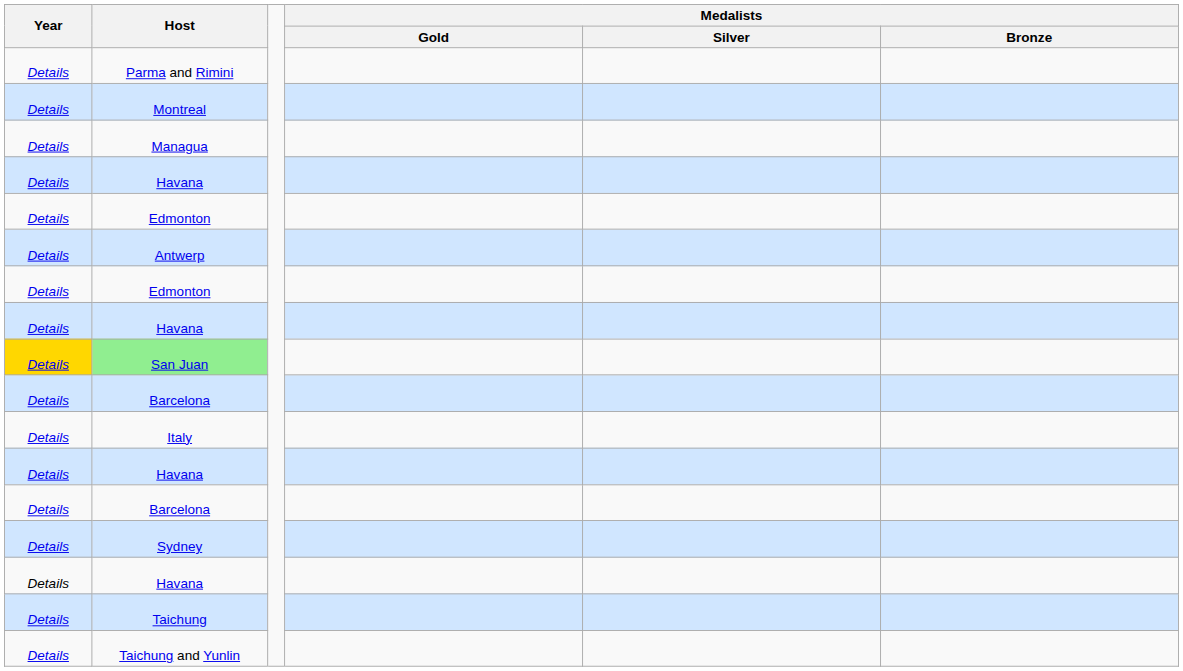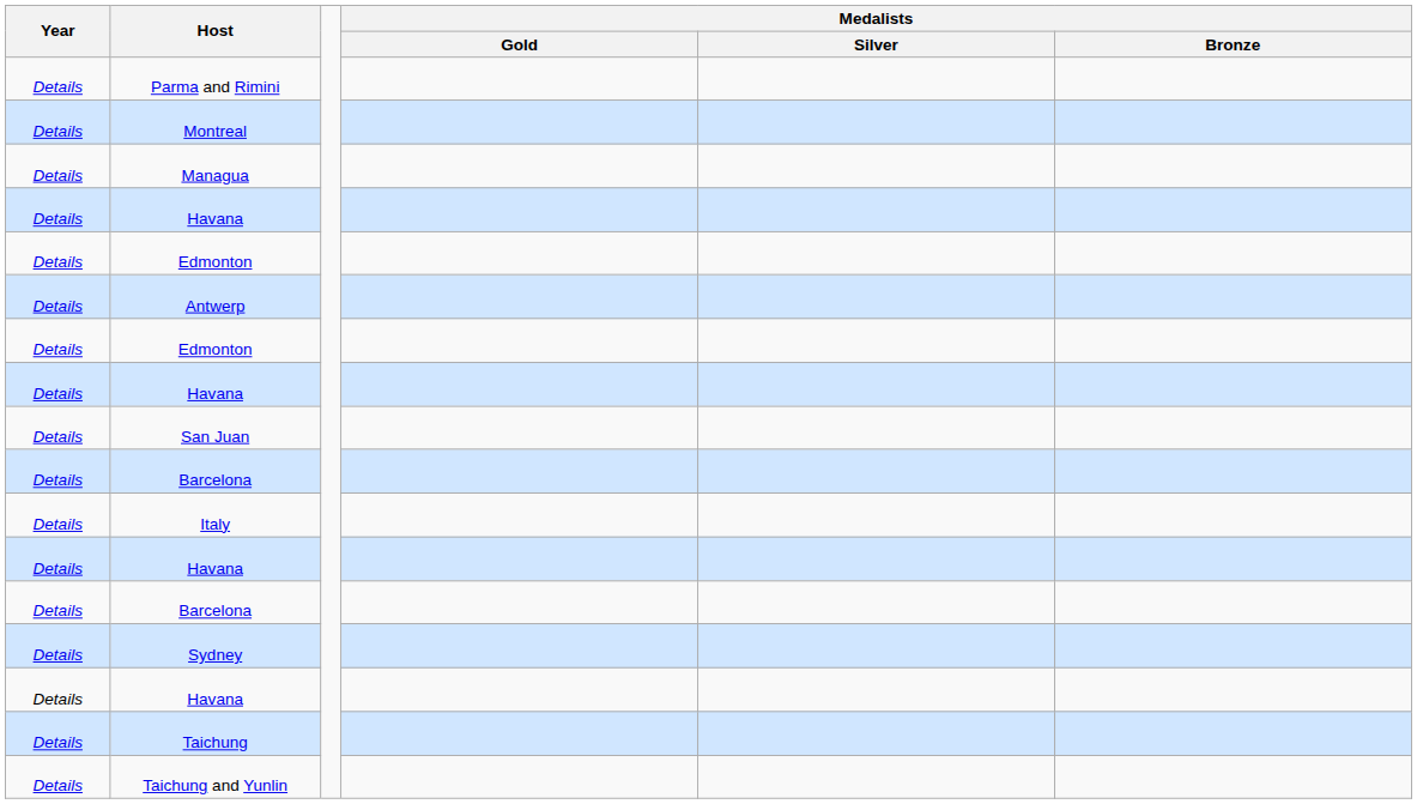 <table class="wikitable" style="font-size:90%; text-align: center;">
 <tr>
 <th rowspan=2 width=5%>Year</th>
 <th rowspan=2 width=10%>Host</th>
 <td width=1% rowspan=20 style="border-top:none;border-bottom:none;"></td>
 <th colspan=3>Medalists</th>
 </tr>
 <tr>
 <th width=17%>Gold</th>
 <th width=17%>Silver</th>
 <th width=17%>Bronze</th>
 </tr>
 <tr>
 <td><br><em><a href='#'>Details</a></em></td>
 <td><br><a href='#'>Parma</a> and <a href='#'>Rimini</a></td>
 <td><strong></strong></td>
 <td></td>
 <td></td>
 </tr>
 <tr style="background: #D0E6FF;">
 <td><br><em><a href='#'>Details</a></em></td>
 <td><br><a href='#'>Montreal</a></td>
 <td><strong></strong></td>
 <td></td>
 <td></td>
 </tr>
 <tr>
 <td><br><em><a href='#'>Details</a></em></td>
 <td><br><a href='#'>Managua</a></td>
 <td><strong></strong></td>
 <td></td>
 <td></td>
 </tr>
 <tr style="background: #D0E6FF;">
 <td><br><em><a href='#'>Details</a></em></td>
 <td><br><a href='#'>Havana</a></td>
 <td><strong></strong></td>
 <td></td>
 <td></td>
 </tr>
 <tr>
 <td><br><em><a href='#'>Details</a></em></td>
 <td><br><a href='#'>Edmonton</a></td>
 <td><strong></strong></td>
 <td></td>
 <td></td>
 </tr>
 <tr style="background: #D0E6FF;">
 <td><br><em><a href='#'>Details</a></em></td>
 <td><br><a href='#'>Antwerp</a></td>
 <td><strong></strong></td>
 <td></td>
 <td></td>
 </tr>
 <tr>
 <td><br><em><a href='#'>Details</a></em></td>
 <td><br><a href='#'>Edmonton</a></td>
 <td><strong></strong></td>
 <td></td>
 <td></td>
 </tr>
 <tr style="background: #D0E6FF;">
 <td><br><em><a href='#'>Details</a></em></td>
 <td><br><a href='#'>Havana</a></td>
 <td><strong></strong></td>
 <td></td>
 <td></td>
 </tr>
 <tr>
-<td style="background: gold;"><br><em><a href='#'>Details</a></em></td>
-<td style="background: lightgreen;"><br><a href='#'>San Juan</a></td>
+<td><br><em><a href='#'>Details</a></em></td>
+<td><br><a href='#'>San Juan</a></td>
 <td><strong></strong></td>
 <td></td>
 <td></td>
 </tr>
 <tr style="background: #D0E6FF;">
 <td><br><em><a href='#'>Details</a></em></td>
 <td><br><a href='#'>Barcelona</a></td>
 <td><strong></strong></td>
 <td></td>
 <td></td>
 </tr>
 <tr>
 <td><br><em><a href='#'>Details</a></em></td>
 <td><br><a href='#'>Italy</a></td>
 <td><strong></strong></td>
 <td></td>
 <td></td>
 </tr>
 <tr style="background: #D0E6FF;">
 <td><br><em><a href='#'>Details</a></em></td>
 <td><br><a href='#'>Havana</a></td>
 <td><strong></strong></td>
 <td></td>
 <td></td>
 </tr>
 <tr>
 <td><br><em><a href='#'>Details</a></em></td>
 <td><br><a href='#'>Barcelona</a></td>
 <td><strong></strong></td>
 <td></td>
 <td></td>
 </tr>
 <tr style="background: #D0E6FF;">
 <td><br><em><a href='#'>Details</a></em></td>
 <td><br><a href='#'>Sydney</a></td>
 <td><strong></strong></td>
 <td></td>
 <td></td>
 </tr>
 <tr>
 <td><br><em>Details</em></td>
 <td><br><a href='#'>Havana</a></td>
 <td><strong></strong></td>
 <td></td>
 <td></td>
 </tr>
 <tr style="background: #D0E6FF;">
 <td><br><em><a href='#'>Details</a></em></td>
 <td><br><a href='#'>Taichung</a></td>
 <td><strong></strong></td>
 <td></td>
 <td></td>
 </tr>
 <tr>
 <td><br><em><a href='#'>Details</a></em></td>
 <td><br><a href='#'>Taichung</a> and <a href='#'>Yunlin</a></td>
 <td><strong></strong></td>
 <td></td>
 <td></td>
 </tr>
 </table>
